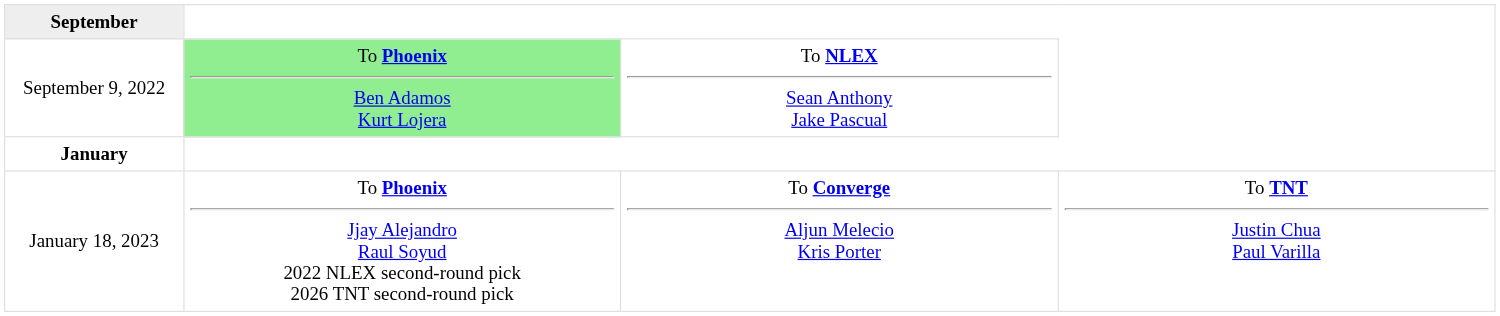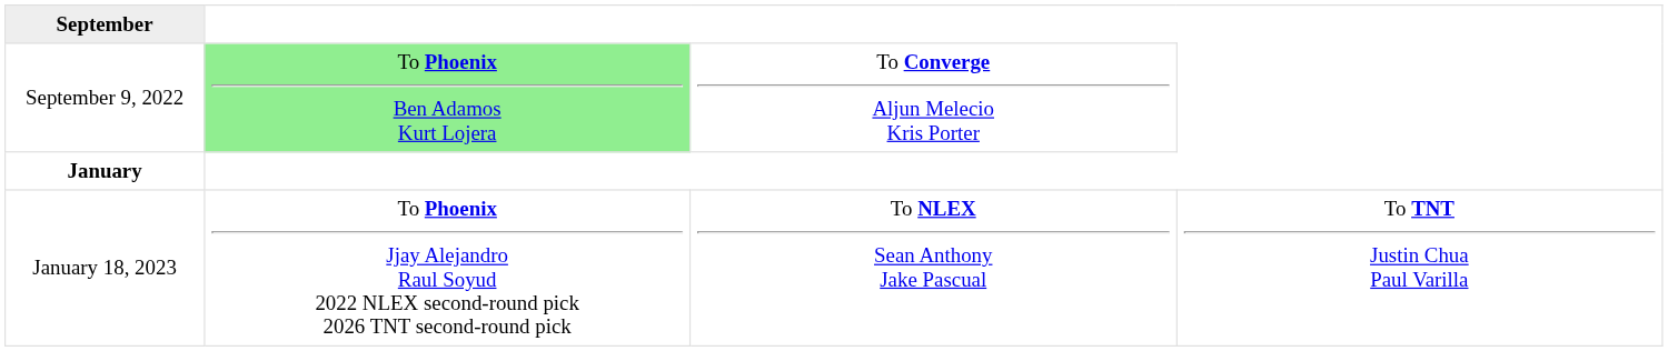 <table border=1 style="border-collapse:collapse; text-align: center; width: 100%" bordercolor="#DFDFDF"  cellpadding="5">
 <tr bgcolor="eeeeee">
 <th>September</th>
 </tr>
 <tr>
 <td style="width:12%">September 9, 2022</td>
 <td style="background: lightgreen; width:29.3%" valign="top">To <strong><a href='#'>Phoenix</a></strong><hr><a href='#'>Ben Adamos</a><br><a href='#'>Kurt Lojera</a></td>
-<td style="width:29.3%" valign="top">To <strong><a href='#'>NLEX</a></strong><hr><a href='#'>Sean Anthony</a><br><a href='#'>Jake Pascual</a></td>
+<td style="width:29.3%" valign="top">To <strong><a href='#'>Converge</a></strong><hr><a href='#'>Aljun Melecio</a><br><a href='#'>Kris Porter</a></td>
 </tr>
 <tr>
 <th>January</th>
 </tr>
 <tr>
 <td style="width:12%">January 18, 2023</td>
 <td style="width:29.3%" valign="top">To <strong><a href='#'>Phoenix</a></strong><hr><a href='#'>Jjay Alejandro </a><br><a href='#'>Raul Soyud</a><br>2022 NLEX second-round pick<br>2026 TNT second-round pick</td>
-<td style="width:29.3%" valign="top">To <strong><a href='#'>Converge</a></strong><hr><a href='#'>Aljun Melecio</a><br><a href='#'>Kris Porter</a></td>
+<td style="width:29.3%" valign="top">To <strong><a href='#'>NLEX</a></strong><hr><a href='#'>Sean Anthony</a><br><a href='#'>Jake Pascual</a></td>
 <td style="width:29.3%" valign="top">To <strong><a href='#'>TNT</a></strong><hr><a href='#'>Justin Chua</a><br><a href='#'>Paul Varilla</a></td>
 </tr>
 </table>
